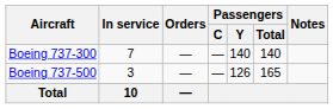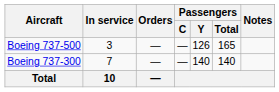 <table class="wikitable" style="margin:1em auto; border-collapse:collapse;text-align:center">
 <tr>
 <th rowspan="2">Aircraft</th>
 <th rowspan="2">In service</th>
 <th rowspan="2">Orders</th>
 <th colspan="3">Passengers</th>
 <th rowspan="2">Notes</th>
 </tr>
 <tr>
 <th><abbr>C</abbr></th>
 <th><abbr>Y</abbr></th>
 <th>Total</th>
 </tr>
 <tr>
+<td><a href='#'>Boeing 737-500</a></td>
+<td>3</td>
+<td>—</td>
+<td>—</td>
+<td>126</td>
+<td>165</td>
+<td></td>
+</tr>
+<tr>
 <td><a href='#'>Boeing 737-300</a></td>
 <td>7</td>
 <td>—</td>
 <td>—</td>
 <td>140</td>
 <td>140</td>
 <td></td>
 </tr>
 <tr>
-<td><a href='#'>Boeing 737-500</a></td>
-<td>3</td>
-<td>—</td>
-<td>—</td>
-<td>126</td>
-<td>165</td>
-<td></td>
-</tr>
-<tr>
 <th>Total</th>
 <th>10</th>
 <th>—</th>
 <th colspan="4"></th>
 </tr>
 </table>
